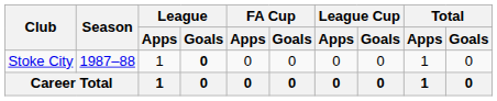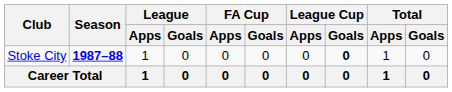 <table class="wikitable" style="text-align: center;">
 <tr>
 <th rowspan="2">Club</th>
 <th rowspan="2">Season</th>
 <th colspan="2">League</th>
 <th colspan="2">FA Cup</th>
 <th colspan="2">League Cup</th>
 <th colspan="2">Total</th>
 </tr>
 <tr>
 <th>Apps</th>
 <th>Goals</th>
 <th>Apps</th>
 <th>Goals</th>
 <th>Apps</th>
 <th>Goals</th>
 <th>Apps</th>
 <th>Goals</th>
 </tr>
 <tr>
 <td><a href='#'>Stoke City</a></td>
-<td><a href='#'>1987–88</a></td>
+<td><strong><a href='#'>1987–88</a></strong></td>
 <td>1</td>
-<td><strong>0</strong></td>
 <td>0</td>
 <td>0</td>
 <td>0</td>
 <td>0</td>
+<td><strong>0</strong></td>
 <td>1</td>
 <td>0</td>
 </tr>
 <tr>
 <th colspan="2">Career Total</th>
 <th>1</th>
 <th>0</th>
 <th>0</th>
 <th>0</th>
 <th>0</th>
 <th>0</th>
 <th>1</th>
 <th>0</th>
 </tr>
 </table>
